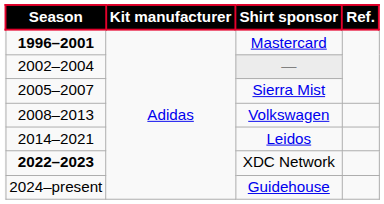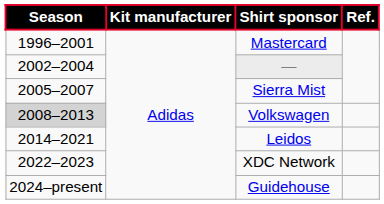 <table class="wikitable" style="text-align: center; float:right; margin:0 0 0 1em;">
 <tr>
 <th style="background:#000; color:#fff; border:2px solid #E4002B;">Season</th>
 <th style="background:#000; color:#fff; border:2px solid #E4002B;">Kit manufacturer</th>
 <th style="background:#000; color:#fff; border:2px solid #E4002B;">Shirt sponsor</th>
 <th style="background:#000; color:#fff; border:2px solid #E4002B;">Ref.</th>
 </tr>
 <tr>
-<td><strong>1996–2001</strong></td>
+<td>1996–2001</td>
 <td rowspan=7><a href='#'>Adidas</a></td>
 <td><a href='#'>Mastercard</a></td>
 <td rowspan=3></td>
 </tr>
 <tr>
 <td>2002–2004</td>
 <td style="background:#ececec; color:gray">—</td>
 </tr>
 <tr>
 <td>2005–2007</td>
 <td><a href='#'>Sierra Mist</a></td>
 </tr>
 <tr>
-<td>2008–2013</td>
+<td style="background: lightgrey;">2008–2013</td>
 <td><a href='#'>Volkswagen</a></td>
 <td></td>
 </tr>
 <tr>
 <td>2014–2021</td>
 <td><a href='#'>Leidos</a></td>
 <td></td>
 </tr>
 <tr>
-<td><strong>2022–2023</strong></td>
+<td>2022–2023</td>
 <td>XDC Network</td>
 <td></td>
 </tr>
 <tr>
 <td>2024–present</td>
 <td><a href='#'>Guidehouse</a></td>
 <td></td>
 </tr>
 </table>
